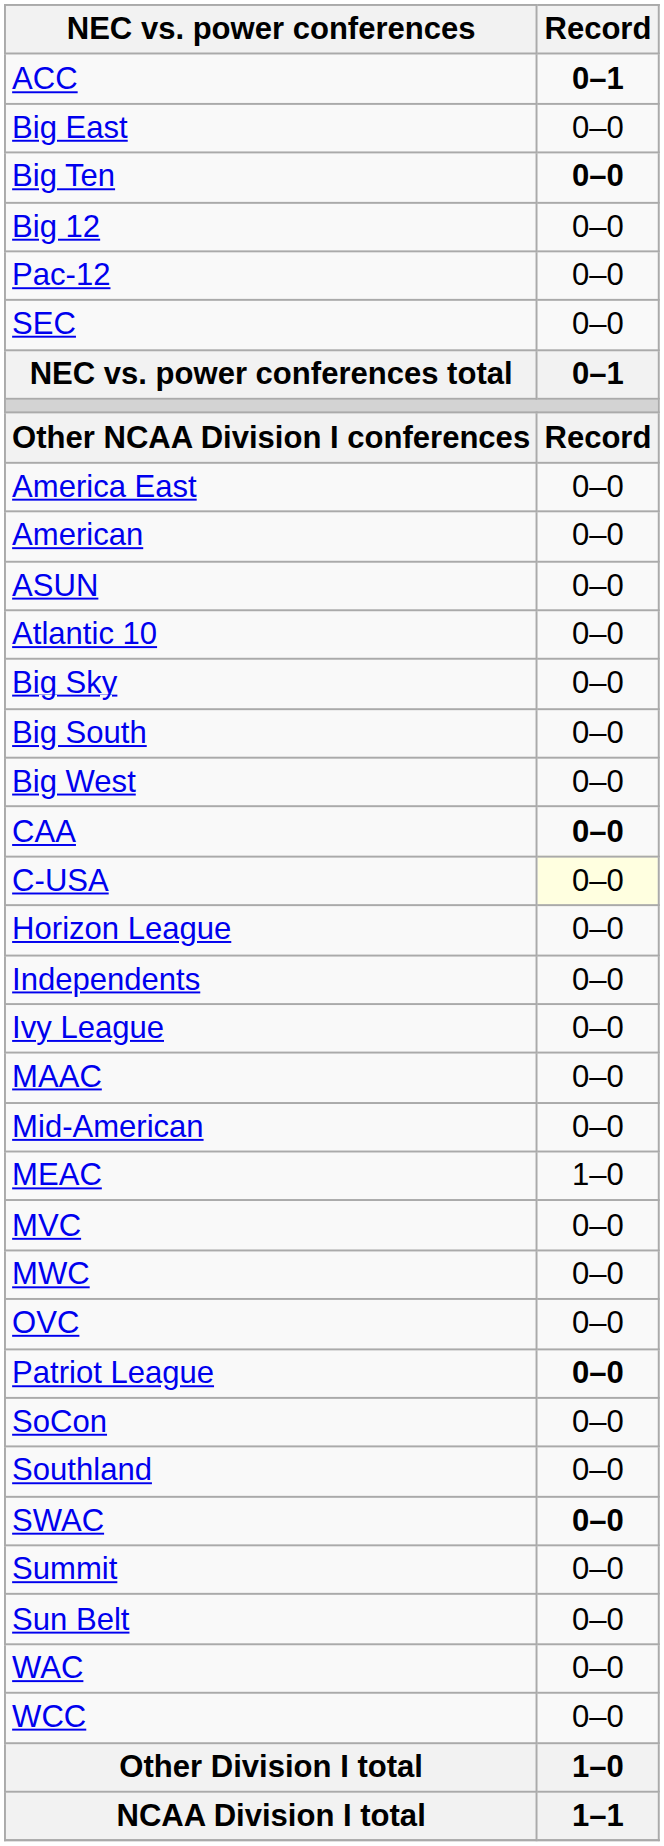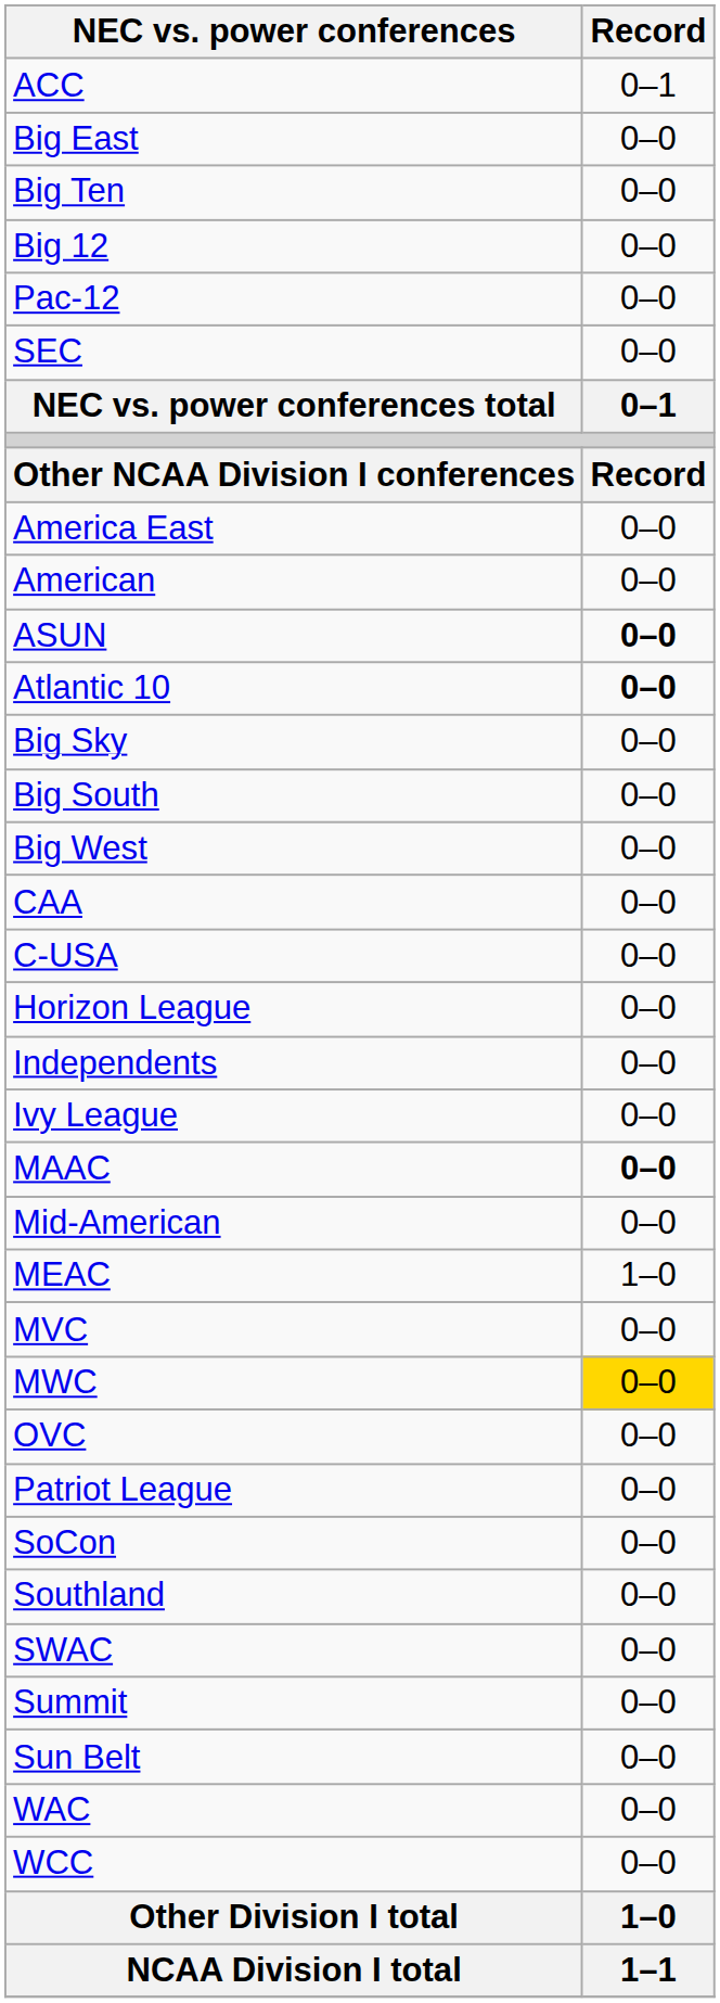 <table class="wikitable">
 <tr>
 <th>NEC vs. power conferences</th>
 <th>Record</th>
 </tr>
 <tr>
 <td><a href='#'>ACC</a></td>
-<td align=center><strong>0–1</strong></td>
+<td align=center>0–1</td>
 </tr>
 <tr>
 <td><a href='#'>Big East</a></td>
 <td align=center>0–0</td>
 </tr>
 <tr>
 <td><a href='#'>Big Ten</a></td>
-<td align=center><strong>0–0</strong></td>
+<td align=center>0–0</td>
 </tr>
 <tr>
 <td><a href='#'>Big 12</a></td>
 <td align=center>0–0</td>
 </tr>
 <tr>
 <td><a href='#'>Pac-12</a></td>
 <td align=center>0–0</td>
 </tr>
 <tr>
 <td><a href='#'>SEC</a></td>
 <td align=center>0–0</td>
 </tr>
 <tr>
 <th>NEC vs. power conferences total</th>
 <th>0–1</th>
 </tr>
 <tr>
 <th colspan="2" style="background:lightgrey;"></th>
 </tr>
 <tr>
 <th>Other NCAA Division I conferences</th>
 <th>Record</th>
 </tr>
 <tr>
 <td><a href='#'>America East</a></td>
 <td align=center>0–0</td>
 </tr>
 <tr>
 <td><a href='#'>American</a></td>
 <td align=center>0–0</td>
 </tr>
 <tr>
 <td><a href='#'>ASUN</a></td>
-<td align=center>0–0</td>
+<td align=center><strong>0–0</strong></td>
 </tr>
 <tr>
 <td><a href='#'>Atlantic 10</a></td>
-<td align=center>0–0</td>
+<td align=center><strong>0–0</strong></td>
 </tr>
 <tr>
 <td><a href='#'>Big Sky</a></td>
 <td align=center>0–0</td>
 </tr>
 <tr>
 <td><a href='#'>Big South</a></td>
 <td align=center>0–0</td>
 </tr>
 <tr>
 <td><a href='#'>Big West</a></td>
 <td align=center>0–0</td>
 </tr>
 <tr>
 <td><a href='#'>CAA</a></td>
-<td align=center><strong>0–0</strong></td>
+<td align=center>0–0</td>
 </tr>
 <tr>
 <td><a href='#'>C-USA</a></td>
-<td align=center style="background: lightyellow;">0–0</td>
+<td align=center>0–0</td>
 </tr>
 <tr>
 <td><a href='#'>Horizon League</a></td>
 <td align=center>0–0</td>
 </tr>
 <tr>
 <td><a href='#'>Independents</a></td>
 <td align=center>0–0</td>
 </tr>
 <tr>
 <td><a href='#'>Ivy League</a></td>
 <td align=center>0–0</td>
 </tr>
 <tr>
 <td><a href='#'>MAAC</a></td>
-<td align=center>0–0</td>
+<td align=center><strong>0–0</strong></td>
 </tr>
 <tr>
 <td><a href='#'>Mid-American</a></td>
 <td align=center>0–0</td>
 </tr>
 <tr>
 <td><a href='#'>MEAC</a></td>
 <td align=center>1–0</td>
 </tr>
 <tr>
 <td><a href='#'>MVC</a></td>
 <td align=center>0–0</td>
 </tr>
 <tr>
 <td><a href='#'>MWC</a></td>
-<td align=center>0–0</td>
+<td align=center style="background: gold;">0–0</td>
 </tr>
 <tr>
 <td><a href='#'>OVC</a></td>
 <td align=center>0–0</td>
 </tr>
 <tr>
 <td><a href='#'>Patriot League</a></td>
-<td align=center><strong>0–0</strong></td>
+<td align=center>0–0</td>
 </tr>
 <tr>
 <td><a href='#'>SoCon</a></td>
 <td align=center>0–0</td>
 </tr>
 <tr>
 <td><a href='#'>Southland</a></td>
 <td align=center>0–0</td>
 </tr>
 <tr>
 <td><a href='#'>SWAC</a></td>
-<td align=center><strong>0–0</strong></td>
+<td align=center>0–0</td>
 </tr>
 <tr>
 <td><a href='#'>Summit</a></td>
 <td align=center>0–0</td>
 </tr>
 <tr>
 <td><a href='#'>Sun Belt</a></td>
 <td align=center>0–0</td>
 </tr>
 <tr>
 <td><a href='#'>WAC</a></td>
 <td align=center>0–0</td>
 </tr>
 <tr>
 <td><a href='#'>WCC</a></td>
 <td align=center>0–0</td>
 </tr>
 <tr>
 <th>Other Division I total</th>
 <th>1–0</th>
 </tr>
 <tr>
 <th>NCAA Division I total</th>
 <th>1–1</th>
 </tr>
 <tr>
 </tr>
 </table>
